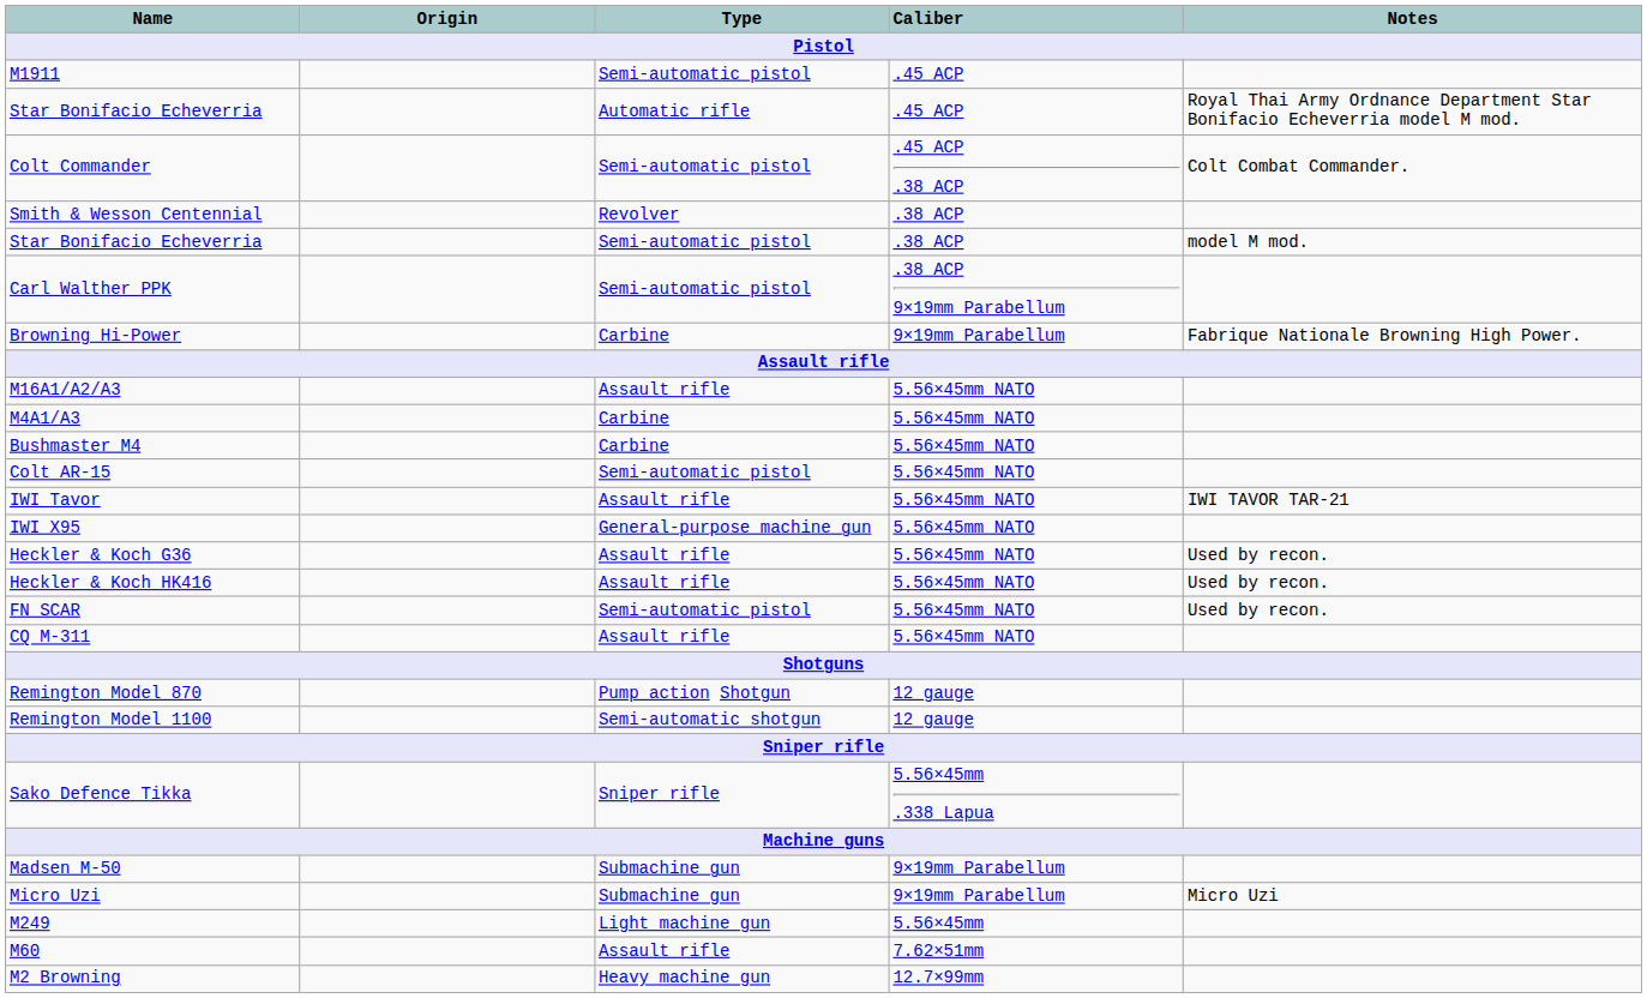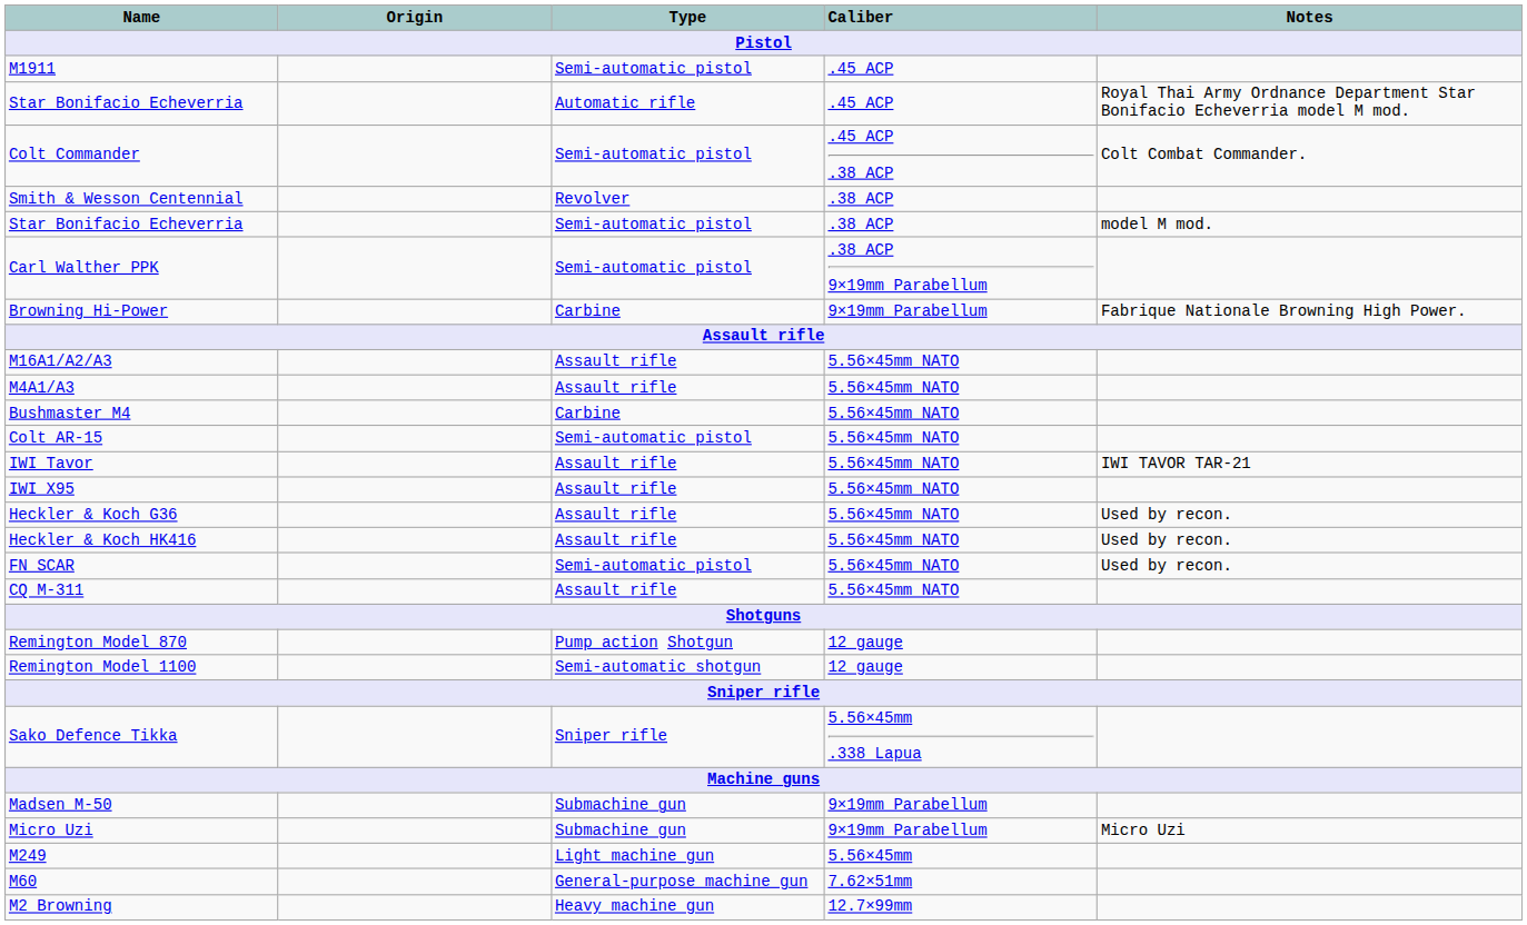 <table class="wikitable";" width="100%">
 <tr>
 <th style="text-align:center; background:#acc;"width="18%">Name</th>
 <th style="text-align: center; background:#acc;"width="18%">Origin</th>
 <th style="text-align:l center; background:#acc;"width="18%">Type</th>
 <th style="text-align:left; background:#acc;"width="18%">Caliber</th>
 <th style="text-align: center; background:#acc;">Notes</th>
 </tr>
 <tr>
 <th style="align: center; background: lavender;" colspan="7"><a href='#'>Pistol</a></th>
 </tr>
 <tr>
 <td><a href='#'>M1911</a></td>
 <td><br></td>
 <td><a href='#'>Semi-automatic pistol</a></td>
 <td><a href='#'>.45 ACP</a></td>
 <td></td>
 </tr>
 <tr>
 <td><a href='#'>Star Bonifacio Echeverria</a></td>
 <td><br></td>
 <td><a href='#'>Automatic rifle</a></td>
 <td><a href='#'>.45 ACP</a></td>
 <td>Royal Thai Army Ordnance Department Star Bonifacio Echeverria model M mod.</td>
 </tr>
 <tr>
 <td><a href='#'>Colt Commander</a></td>
 <td></td>
 <td><a href='#'>Semi-automatic pistol</a></td>
 <td><a href='#'>.45 ACP</a><hr><a href='#'>.38 ACP</a></td>
 <td>Colt Combat Commander.</td>
 </tr>
 <tr>
 <td><a href='#'>Smith & Wesson Centennial</a></td>
 <td></td>
 <td><a href='#'>Revolver</a></td>
 <td><a href='#'>.38 ACP</a></td>
 <td></td>
 </tr>
 <tr>
 <td><a href='#'>Star Bonifacio Echeverria</a></td>
 <td></td>
 <td><a href='#'>Semi-automatic pistol</a></td>
 <td><a href='#'>.38 ACP</a></td>
 <td>model M mod.</td>
 </tr>
 <tr>
 <td><a href='#'>Carl Walther PPK</a></td>
 <td></td>
 <td><a href='#'>Semi-automatic pistol</a></td>
 <td><a href='#'>.38 ACP</a><hr><a href='#'>9×19mm Parabellum</a></td>
 <td></td>
 </tr>
 <tr>
 <td><a href='#'>Browning Hi-Power</a></td>
 <td></td>
 <td><a href='#'>Carbine</a></td>
 <td><a href='#'>9×19mm Parabellum</a></td>
 <td>Fabrique Nationale Browning High Power.</td>
 </tr>
 <tr>
 <th style="align: center; background: lavender;" colspan="7"><a href='#'>Assault rifle</a></th>
 </tr>
 <tr>
 <td><a href='#'>M16A1/A2/A3</a></td>
 <td><br></td>
 <td><a href='#'>Assault rifle</a></td>
 <td><a href='#'>5.56×45mm NATO</a></td>
 <td></td>
 </tr>
 <tr>
 <td><a href='#'>M4A1/A3</a></td>
 <td></td>
-<td><a href='#'>Carbine</a></td>
+<td><a href='#'>Assault rifle</a></td>
 <td><a href='#'>5.56×45mm NATO</a></td>
 <td></td>
 </tr>
 <tr>
 <td><a href='#'>Bushmaster M4</a></td>
 <td></td>
 <td><a href='#'>Carbine</a></td>
 <td><a href='#'>5.56×45mm NATO</a></td>
 <td></td>
 </tr>
 <tr>
 <td><a href='#'>Colt AR-15</a></td>
 <td></td>
 <td><a href='#'>Semi-automatic pistol</a></td>
 <td><a href='#'>5.56×45mm NATO</a></td>
 <td></td>
 </tr>
 <tr>
 <td><a href='#'>IWI Tavor</a></td>
 <td></td>
 <td><a href='#'>Assault rifle</a></td>
 <td><a href='#'>5.56×45mm NATO</a></td>
 <td>IWI TAVOR TAR-21</td>
 </tr>
 <tr>
 <td><a href='#'>IWI X95</a></td>
 <td></td>
-<td><a href='#'>General-purpose machine gun</a></td>
+<td><a href='#'>Assault rifle</a></td>
 <td><a href='#'>5.56×45mm NATO</a></td>
 <td></td>
 </tr>
 <tr>
 <td><a href='#'>Heckler & Koch G36</a></td>
 <td></td>
 <td><a href='#'>Assault rifle</a></td>
 <td><a href='#'>5.56×45mm NATO</a></td>
 <td>Used by recon.</td>
 </tr>
 <tr>
 <td><a href='#'>Heckler & Koch HK416</a></td>
 <td></td>
 <td><a href='#'>Assault rifle</a></td>
 <td><a href='#'>5.56×45mm NATO</a></td>
 <td>Used by recon.</td>
 </tr>
 <tr>
 <td><a href='#'>FN SCAR</a></td>
 <td></td>
 <td><a href='#'>Semi-automatic pistol</a></td>
 <td><a href='#'>5.56×45mm NATO</a></td>
 <td>Used by recon.</td>
 </tr>
 <tr>
 <td><a href='#'>CQ M-311</a></td>
 <td></td>
 <td><a href='#'>Assault rifle</a></td>
 <td><a href='#'>5.56×45mm NATO</a></td>
 <td></td>
 </tr>
 <tr>
 <th style="align: center; background: lavender;" colspan="7"><a href='#'>Shotguns</a></th>
 </tr>
 <tr>
 <td><a href='#'>Remington Model 870</a></td>
 <td></td>
 <td><a href='#'>Pump action</a> <a href='#'>Shotgun</a></td>
 <td><a href='#'>12 gauge</a></td>
 <td></td>
 </tr>
 <tr>
 <td><a href='#'>Remington Model 1100</a></td>
 <td></td>
 <td><a href='#'>Semi-automatic shotgun</a></td>
 <td><a href='#'>12 gauge</a></td>
 <td></td>
 </tr>
 <tr>
 <th style="align: center; background: lavender;" colspan="7"><a href='#'>Sniper rifle</a></th>
 </tr>
 <tr>
 <td><a href='#'>Sako Defence Tikka</a></td>
 <td></td>
 <td><a href='#'>Sniper rifle</a></td>
 <td><a href='#'>5.56×45mm</a><hr><a href='#'>.338 Lapua</a></td>
 <td></td>
 </tr>
 <tr>
 <th style="align: center; background: lavender;" colspan="7"><a href='#'>Machine guns</a></th>
 </tr>
 <tr>
 <td><a href='#'>Madsen M-50</a></td>
 <td></td>
 <td><a href='#'>Submachine gun</a></td>
 <td><a href='#'>9×19mm Parabellum</a></td>
 <td></td>
 </tr>
 <tr>
 <td><a href='#'>Micro Uzi</a></td>
 <td></td>
 <td><a href='#'>Submachine gun</a></td>
 <td><a href='#'>9×19mm Parabellum</a></td>
 <td>Micro Uzi</td>
 </tr>
 <tr>
 <td><a href='#'>M249</a></td>
 <td></td>
 <td><a href='#'>Light machine gun</a></td>
 <td><a href='#'>5.56×45mm</a></td>
 <td></td>
 </tr>
 <tr>
 <td><a href='#'>M60</a></td>
 <td></td>
-<td><a href='#'>Assault rifle</a></td>
+<td><a href='#'>General-purpose machine gun</a></td>
 <td><a href='#'>7.62×51mm</a></td>
 <td></td>
 </tr>
 <tr>
 <td><a href='#'>M2 Browning</a></td>
 <td></td>
 <td><a href='#'>Heavy machine gun</a></td>
 <td><a href='#'>12.7×99mm</a></td>
 <td></td>
 </tr>
 </table>
